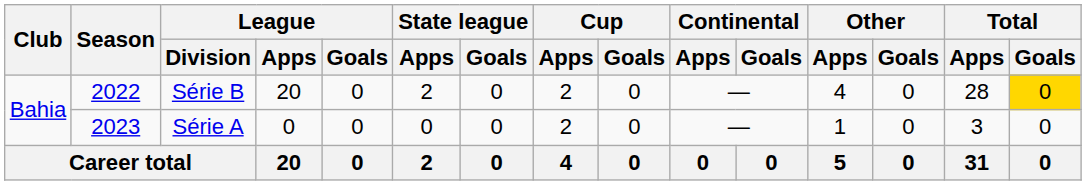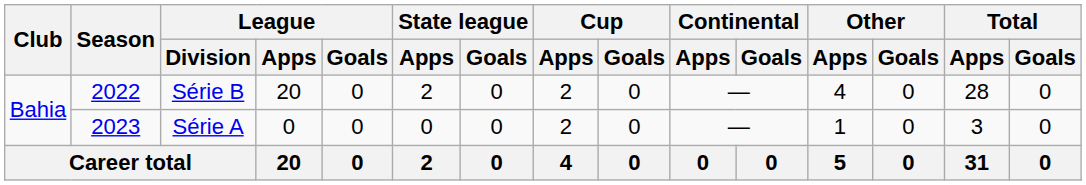 <table class="wikitable" style="text-align: center;">
 <tr>
 <th rowspan="2">Club</th>
 <th rowspan="2">Season</th>
 <th colspan="3">League</th>
 <th colspan="2">State league</th>
 <th colspan="2">Cup</th>
 <th colspan="2">Continental</th>
 <th colspan="2">Other</th>
 <th colspan="2">Total</th>
 </tr>
 <tr>
 <th>Division</th>
 <th>Apps</th>
 <th>Goals</th>
 <th>Apps</th>
 <th>Goals</th>
 <th>Apps</th>
 <th>Goals</th>
 <th>Apps</th>
 <th>Goals</th>
 <th>Apps</th>
 <th>Goals</th>
 <th>Apps</th>
 <th>Goals</th>
 </tr>
 <tr>
 <td rowspan="2"><a href='#'>Bahia</a></td>
 <td><a href='#'>2022</a></td>
 <td><a href='#'>Série B</a></td>
 <td>20</td>
 <td>0</td>
 <td>2</td>
 <td>0</td>
 <td>2</td>
 <td>0</td>
 <td colspan="2">—</td>
 <td>4</td>
 <td>0</td>
 <td>28</td>
-<td style="background: gold;">0</td>
+<td>0</td>
 </tr>
 <tr>
 <td><a href='#'>2023</a></td>
 <td><a href='#'>Série A</a></td>
 <td>0</td>
 <td>0</td>
 <td>0</td>
 <td>0</td>
 <td>2</td>
 <td>0</td>
 <td colspan="2">—</td>
 <td>1</td>
 <td>0</td>
 <td>3</td>
 <td>0</td>
 </tr>
 <tr>
 <th colspan="3"><strong>Career total</strong></th>
 <th>20</th>
 <th>0</th>
 <th>2</th>
 <th>0</th>
 <th>4</th>
 <th>0</th>
 <th>0</th>
 <th>0</th>
 <th>5</th>
 <th>0</th>
 <th>31</th>
 <th>0</th>
 </tr>
 </table>
